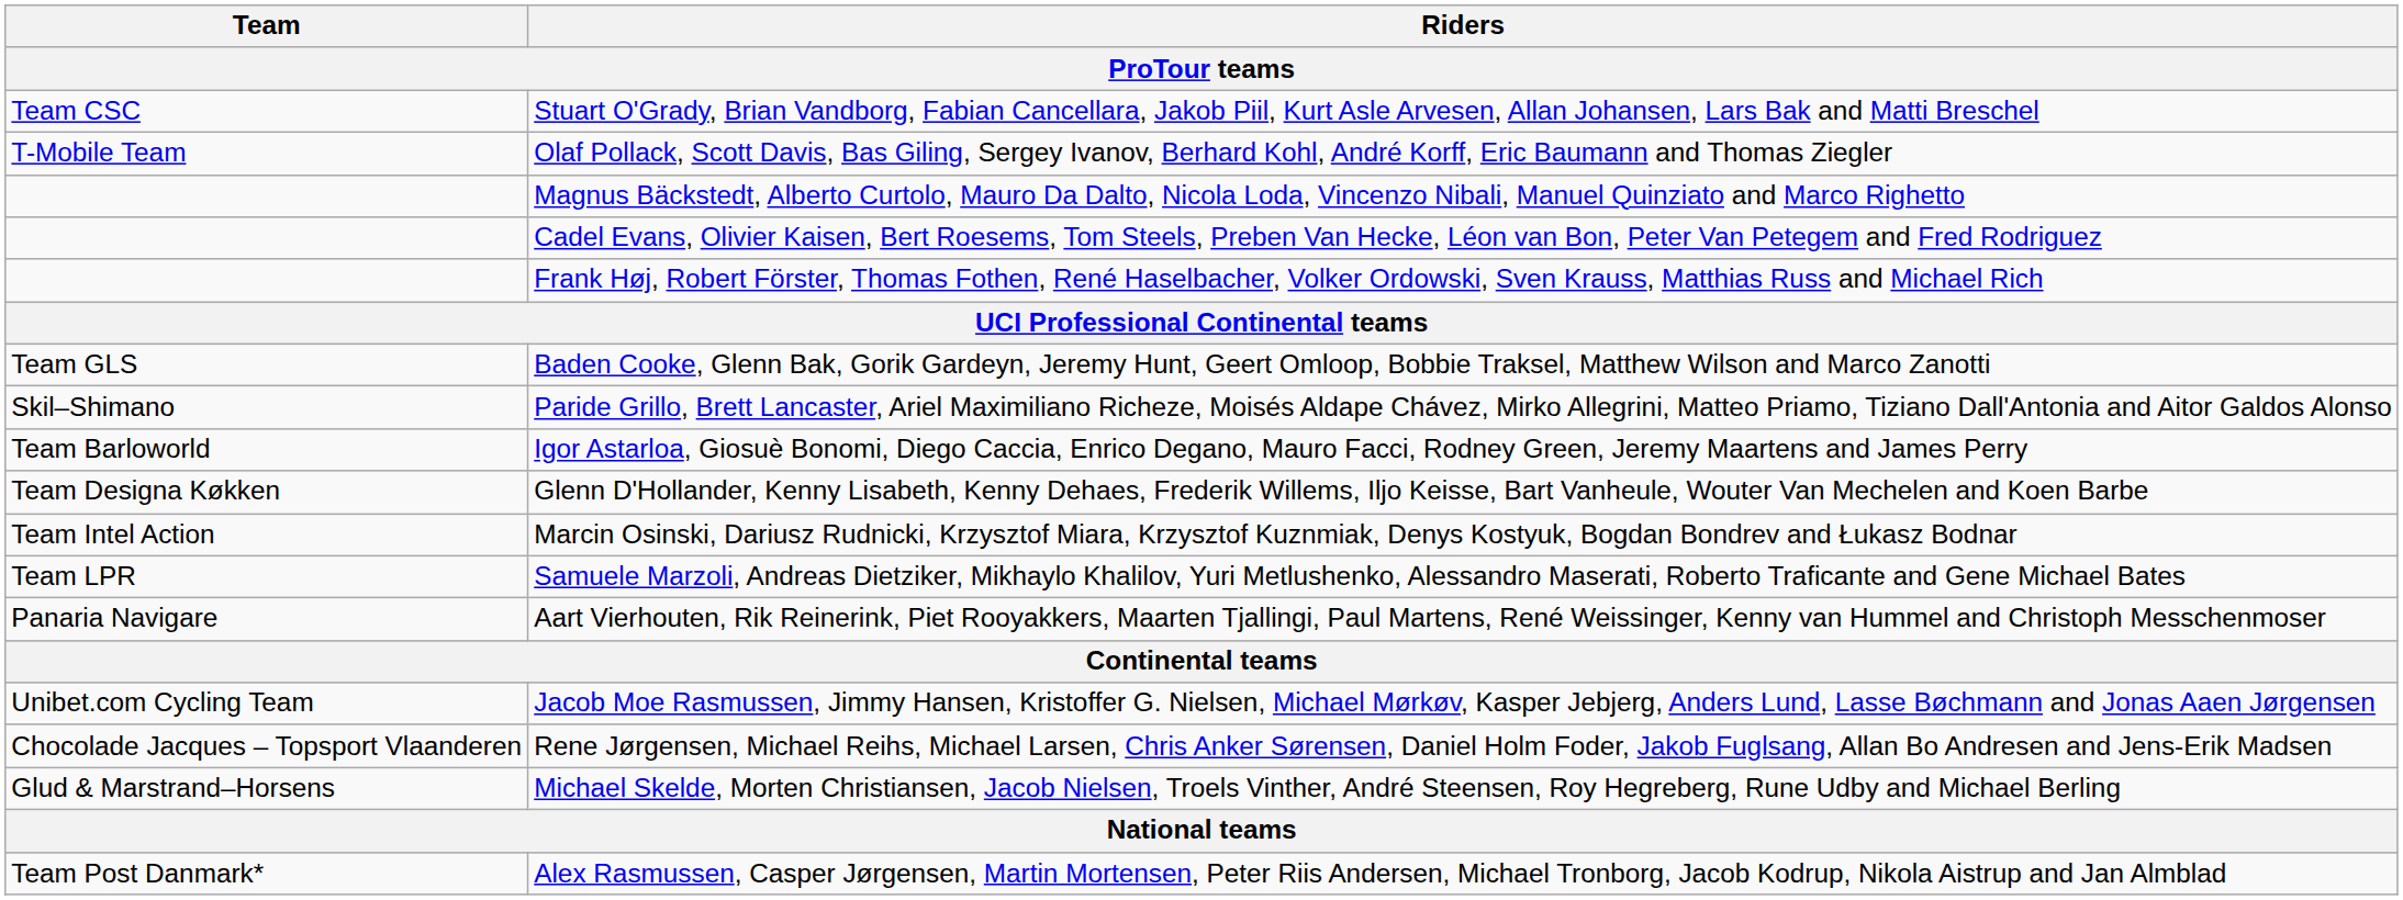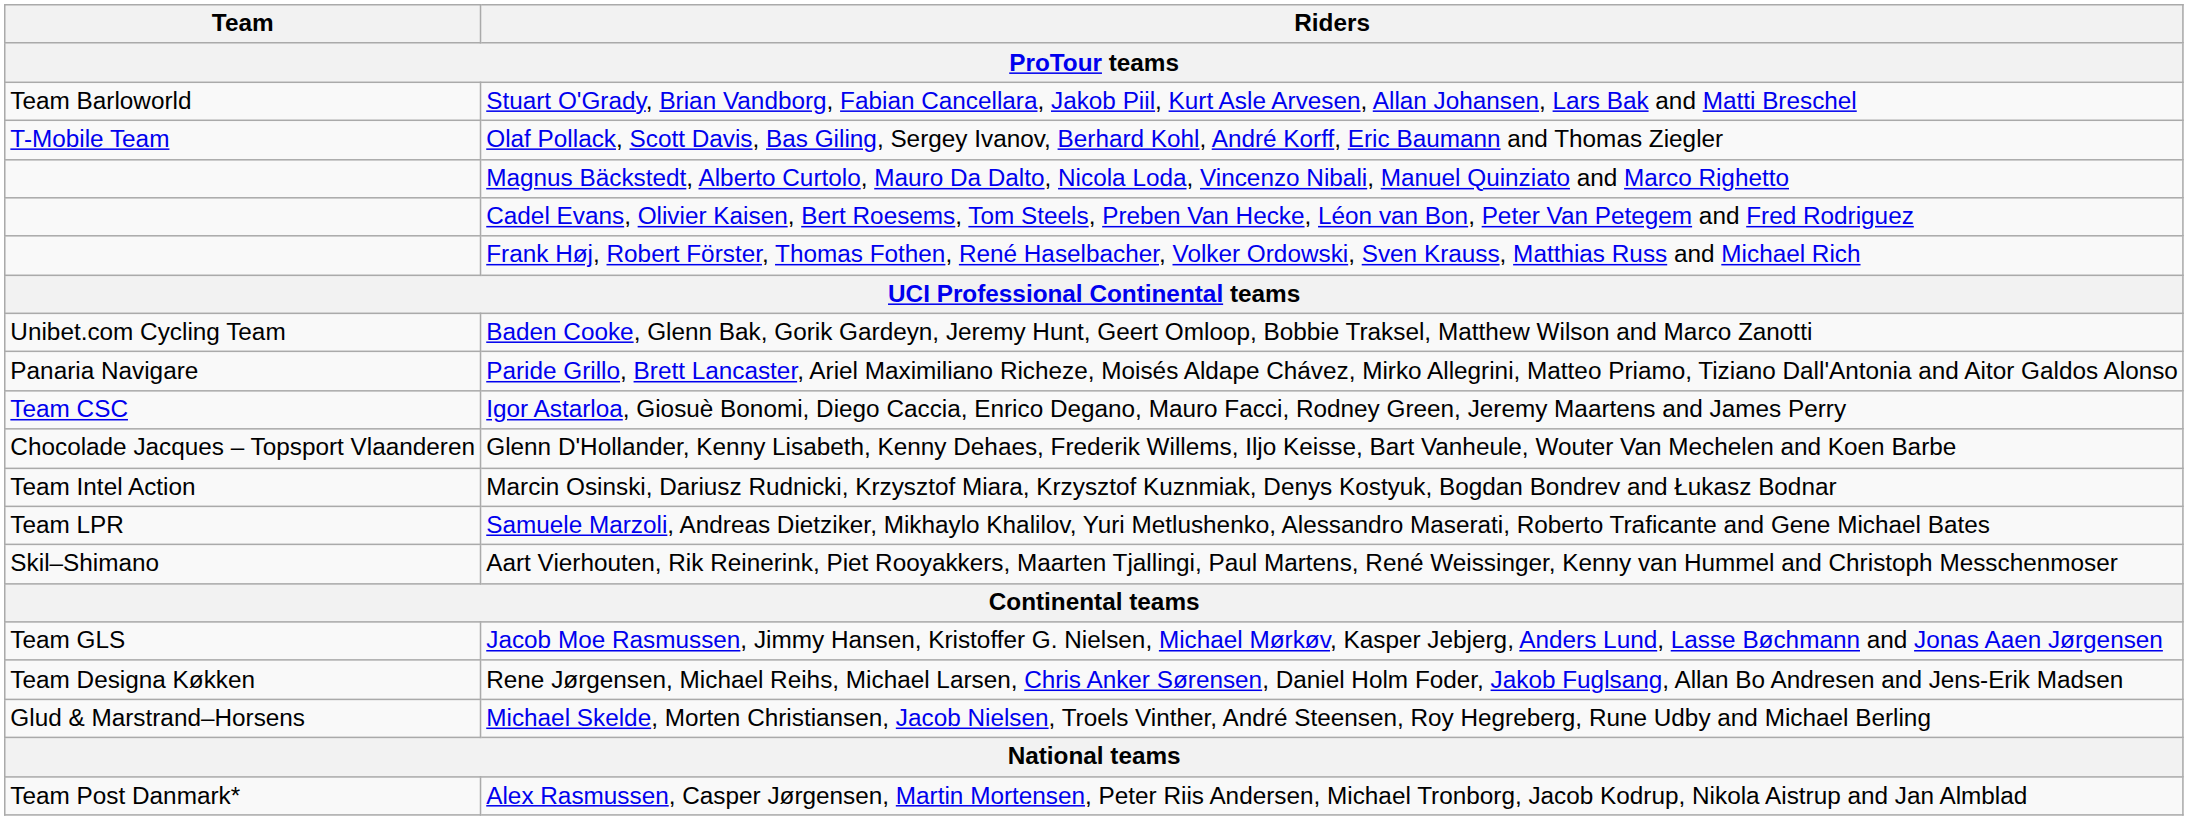 <table class="wikitable">
 <tr>
 <th>Team</th>
 <th>Riders</th>
 </tr>
 <tr>
 <th colspan=3><a href='#'>ProTour</a> teams</th>
 </tr>
 <tr>
-<td nowrap> <a href='#'>Team CSC</a></td>
+<td nowrap> Team Barloworld</td>
 <td><a href='#'>Stuart O'Grady</a>, <a href='#'>Brian Vandborg</a>, <a href='#'>Fabian Cancellara</a>, <a href='#'>Jakob Piil</a>, <a href='#'>Kurt Asle Arvesen</a>, <a href='#'>Allan Johansen</a>, <a href='#'>Lars Bak</a> and <a href='#'>Matti Breschel</a></td>
 </tr>
 <tr>
 <td nowrap> <a href='#'>T-Mobile Team</a></td>
 <td><a href='#'>Olaf Pollack</a>, <a href='#'>Scott Davis</a>, <a href='#'>Bas Giling</a>, Sergey Ivanov, <a href='#'>Berhard Kohl</a>, <a href='#'>André Korff</a>, <a href='#'>Eric Baumann</a> and Thomas Ziegler</td>
 </tr>
 <tr>
 <td nowrap> </td>
 <td><a href='#'>Magnus Bäckstedt</a>, <a href='#'>Alberto Curtolo</a>, <a href='#'>Mauro Da Dalto</a>, <a href='#'>Nicola Loda</a>, <a href='#'>Vincenzo Nibali</a>, <a href='#'>Manuel Quinziato</a> and <a href='#'>Marco Righetto</a></td>
 </tr>
 <tr>
 <td nowrap> </td>
 <td><a href='#'>Cadel Evans</a>, <a href='#'>Olivier Kaisen</a>, <a href='#'>Bert Roesems</a>, <a href='#'>Tom Steels</a>, <a href='#'>Preben Van Hecke</a>, <a href='#'>Léon van Bon</a>, <a href='#'>Peter Van Petegem</a> and <a href='#'>Fred Rodriguez</a></td>
 </tr>
 <tr>
 <td nowrap> </td>
 <td><a href='#'>Frank Høj</a>, <a href='#'>Robert Förster</a>, <a href='#'>Thomas Fothen</a>, <a href='#'>René Haselbacher</a>, <a href='#'>Volker Ordowski</a>, <a href='#'>Sven Krauss</a>, <a href='#'>Matthias Russ</a> and <a href='#'>Michael Rich</a></td>
 </tr>
 <tr>
 <th colspan=3><a href='#'>UCI Professional Continental</a> teams</th>
 </tr>
 <tr>
-<td nowrap> Team GLS</td>
+<td nowrap> Unibet.com Cycling Team</td>
 <td><a href='#'>Baden Cooke</a>, Glenn Bak, Gorik Gardeyn, Jeremy Hunt, Geert Omloop, Bobbie Traksel, Matthew Wilson and Marco Zanotti</td>
 </tr>
 <tr>
-<td nowrap> Skil–Shimano</td>
+<td nowrap> Panaria Navigare</td>
 <td><a href='#'>Paride Grillo</a>, <a href='#'>Brett Lancaster</a>, Ariel Maximiliano Richeze, Moisés Aldape Chávez, Mirko Allegrini, Matteo Priamo, Tiziano Dall'Antonia and Aitor Galdos Alonso</td>
 </tr>
 <tr>
-<td nowrap> Team Barloworld</td>
+<td nowrap> <a href='#'>Team CSC</a></td>
 <td><a href='#'>Igor Astarloa</a>, Giosuè Bonomi, Diego Caccia, Enrico Degano, Mauro Facci, Rodney Green, Jeremy Maartens and James Perry</td>
 </tr>
 <tr>
-<td nowrap> Team Designa Køkken</td>
+<td nowrap> Chocolade Jacques – Topsport Vlaanderen</td>
 <td>Glenn D'Hollander, Kenny Lisabeth, Kenny Dehaes, Frederik Willems, Iljo Keisse, Bart Vanheule, Wouter Van Mechelen and Koen Barbe</td>
 </tr>
 <tr>
 <td nowrap> Team Intel Action</td>
 <td>Marcin Osinski, Dariusz Rudnicki, Krzysztof Miara, Krzysztof Kuznmiak, Denys Kostyuk, Bogdan Bondrev and Łukasz Bodnar</td>
 </tr>
 <tr>
 <td nowrap> Team LPR</td>
 <td><a href='#'>Samuele Marzoli</a>, Andreas Dietziker, Mikhaylo Khalilov, Yuri Metlushenko, Alessandro Maserati, Roberto Traficante and Gene Michael Bates</td>
 </tr>
 <tr>
-<td nowrap> Panaria Navigare</td>
+<td nowrap> Skil–Shimano</td>
 <td>Aart Vierhouten, Rik Reinerink, Piet Rooyakkers, Maarten Tjallingi, Paul Martens, René Weissinger, Kenny van Hummel and Christoph Messchenmoser</td>
 </tr>
 <tr>
 <th colspan=3>Continental teams</th>
 </tr>
 <tr>
-<td nowrap> Unibet.com Cycling Team</td>
+<td nowrap> Team GLS</td>
 <td><a href='#'>Jacob Moe Rasmussen</a>, Jimmy Hansen, Kristoffer G. Nielsen, <a href='#'>Michael Mørkøv</a>, Kasper Jebjerg, <a href='#'>Anders Lund</a>, <a href='#'>Lasse Bøchmann</a> and <a href='#'>Jonas Aaen Jørgensen</a></td>
 </tr>
 <tr>
-<td nowrap> Chocolade Jacques – Topsport Vlaanderen</td>
+<td nowrap> Team Designa Køkken</td>
 <td>Rene Jørgensen, Michael Reihs, Michael Larsen, <a href='#'>Chris Anker Sørensen</a>, Daniel Holm Foder, <a href='#'>Jakob Fuglsang</a>, Allan Bo Andresen and Jens-Erik Madsen</td>
 </tr>
 <tr>
 <td nowrap> Glud & Marstrand–Horsens</td>
 <td><a href='#'>Michael Skelde</a>, Morten Christiansen, <a href='#'>Jacob Nielsen</a>, Troels Vinther, André Steensen, Roy Hegreberg, Rune Udby and Michael Berling</td>
 </tr>
 <tr>
 <th colspan=3>National teams</th>
 </tr>
 <tr>
 <td nowrap> Team Post Danmark*</td>
 <td><a href='#'>Alex Rasmussen</a>, Casper Jørgensen, <a href='#'>Martin Mortensen</a>, Peter Riis Andersen, Michael Tronborg, Jacob Kodrup, Nikola Aistrup and Jan Almblad</td>
 </tr>
 </table>
